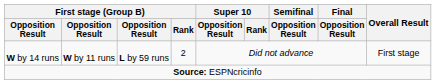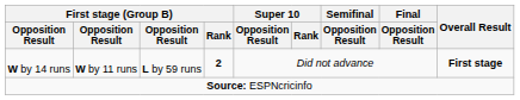 <table class=wikitable style=font-size:90%;text-align:center>
 <tr>
 <th colspan=4>First stage (Group B)</th>
 <th colspan=2>Super 10</th>
 <th>Semifinal</th>
 <th>Final</th>
 <th rowspan=2>Overall Result</th>
 </tr>
 <tr style=font-size:95%>
 <th>Opposition<br>Result</th>
 <th>Opposition<br>Result</th>
 <th>Opposition<br>Result</th>
 <th>Rank</th>
 <th>Opposition<br>Result</th>
 <th>Rank</th>
 <th>Opposition<br>Result</th>
 <th>Opposition<br>Result</th>
 </tr>
 <tr>
 <td><br><strong>W</strong> by 14 runs</td>
 <td><br><strong>W</strong> by 11 runs</td>
 <td><br><strong>L</strong> by 59 runs</td>
-<td>2</td>
+<td><strong>2</strong></td>
 <td colspan=4><em>Did not advance</em></td>
-<td>First stage</td>
+<td><strong>First stage</strong></td>
 </tr>
 <tr>
 <td colspan="11"><strong>Source:</strong> ESPNcricinfo</td>
 </tr>
 </table>
